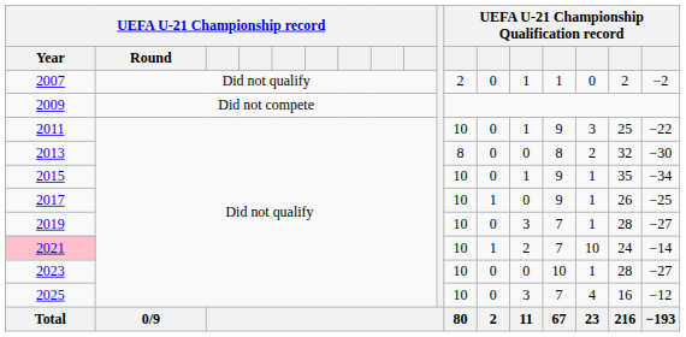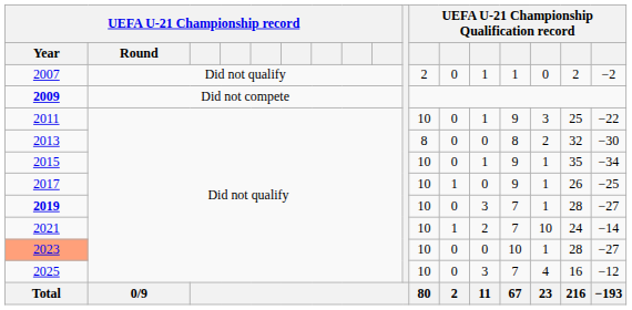 <table class="wikitable" style="text-align: center; font-size: 90%;">
 <tr>
 <th colspan=9><a href='#'>UEFA U-21 Championship record</a></th>
 <th width=1% rowspan=12></th>
 <th colspan=8>UEFA U-21 Championship Qualification record</th>
 </tr>
 <tr>
 <th width=80>Year</th>
 <th width=100>Round</th>
 <th width=25></th>
 <th width=25></th>
 <th width=25></th>
 <th width=25></th>
 <th width=25></th>
 <th width=25></th>
 <th width=25></th>
 <th width=25></th>
 <th width=25></th>
 <th width=25></th>
 <th width=25></th>
 <th width=25></th>
 <th width=25></th>
 <th width=25></th>
 </tr>
 <tr>
 <td> <a href='#'>2007</a></td>
 <td rowspan=1 colspan=8>Did not qualify</td>
 <td>2</td>
 <td>0</td>
 <td>1</td>
 <td>1</td>
 <td>0</td>
 <td>2</td>
 <td>−2</td>
 </tr>
 <tr>
-<td> <a href='#'>2009</a></td>
+<td><strong> <a href='#'>2009</a></strong></td>
 <td colspan=8>Did not compete</td>
 <td colspan=7></td>
 </tr>
 <tr>
 <td> <a href='#'>2011</a></td>
 <td rowspan=8 colspan=9>Did not qualify</td>
 <td>10</td>
 <td>0</td>
 <td>1</td>
 <td>9</td>
 <td>3</td>
 <td>25</td>
 <td>−22</td>
 </tr>
 <tr>
 <td> <a href='#'>2013</a></td>
 <td>8</td>
 <td>0</td>
 <td>0</td>
 <td>8</td>
 <td>2</td>
 <td>32</td>
 <td>−30</td>
 </tr>
 <tr>
 <td> <a href='#'>2015</a></td>
 <td>10</td>
 <td>0</td>
 <td>1</td>
 <td>9</td>
 <td>1</td>
 <td>35</td>
 <td>−34</td>
 </tr>
 <tr>
 <td> <a href='#'>2017</a></td>
 <td>10</td>
 <td>1</td>
 <td>0</td>
 <td>9</td>
 <td>1</td>
 <td>26</td>
 <td>−25</td>
 </tr>
 <tr>
-<td> <a href='#'>2019</a></td>
+<td><strong> <a href='#'>2019</a></strong></td>
 <td>10</td>
 <td>0</td>
 <td>3</td>
 <td>7</td>
 <td>1</td>
 <td>28</td>
 <td>−27</td>
 </tr>
 <tr>
-<td style="background: pink;"> <a href='#'>2021</a></td>
+<td> <a href='#'>2021</a></td>
 <td>10</td>
 <td>1</td>
 <td>2</td>
 <td>7</td>
 <td>10</td>
 <td>24</td>
 <td>−14</td>
 </tr>
 <tr>
-<td> <a href='#'>2023</a></td>
+<td style="background: lightsalmon;"> <a href='#'>2023</a></td>
 <td>10</td>
 <td>0</td>
 <td>0</td>
 <td>10</td>
 <td>1</td>
 <td>28</td>
 <td>−27</td>
 </tr>
 <tr>
 <td> <a href='#'>2025</a></td>
 <td>10</td>
 <td>0</td>
 <td>3</td>
 <td>7</td>
 <td>4</td>
 <td>16</td>
 <td>−12</td>
 </tr>
 <tr>
 <th>Total</th>
 <th>0/9</th>
 <th colspan=8></th>
 <th>80</th>
 <th>2</th>
 <th>11</th>
 <th>67</th>
 <th>23</th>
 <th>216</th>
 <th>−193</th>
 </tr>
 </table>
